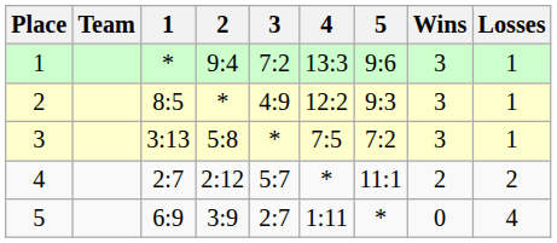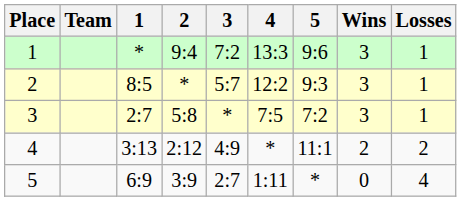 <table class="wikitable" style="text-align:center;">
 <tr>
 <th>Place</th>
 <th>Team</th>
 <th width="25">1</th>
 <th width="25">2</th>
 <th width="25">3</th>
 <th width="25">4</th>
 <th width="25">5</th>
 <th>Wins</th>
 <th>Losses</th>
 </tr>
 <tr bgcolor=#cfc>
 <td>1</td>
 <td align=left></td>
 <td>*</td>
 <td>9:4</td>
 <td>7:2</td>
 <td>13:3</td>
 <td>9:6</td>
 <td>3</td>
 <td>1</td>
 </tr>
 <tr bgcolor=#ffc>
 <td>2</td>
 <td align=left></td>
 <td>8:5</td>
 <td>*</td>
-<td>4:9</td>
+<td>5:7</td>
 <td>12:2</td>
 <td>9:3</td>
 <td>3</td>
 <td>1</td>
 </tr>
 <tr bgcolor=#ffc>
 <td>3</td>
 <td align=left></td>
-<td>3:13</td>
+<td>2:7</td>
 <td>5:8</td>
 <td>*</td>
 <td>7:5</td>
 <td>7:2</td>
 <td>3</td>
 <td>1</td>
 </tr>
 <tr>
 <td>4</td>
 <td align=left></td>
-<td>2:7</td>
+<td>3:13</td>
 <td>2:12</td>
-<td>5:7</td>
+<td>4:9</td>
 <td>*</td>
 <td>11:1</td>
 <td>2</td>
 <td>2</td>
 </tr>
 <tr>
 <td>5</td>
 <td align=left></td>
 <td>6:9</td>
 <td>3:9</td>
 <td>2:7</td>
 <td>1:11</td>
 <td>*</td>
 <td>0</td>
 <td>4</td>
 </tr>
 </table>
